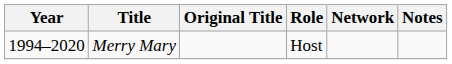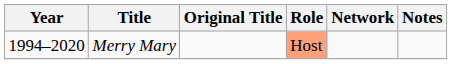 <table class="wikitable sortable">
 <tr>
 <th>Year</th>
 <th>Title</th>
 <th>Original Title</th>
 <th>Role</th>
 <th>Network</th>
 <th>Notes</th>
 </tr>
 <tr>
 <td>1994–2020</td>
 <td><em>Merry Mary</em></td>
 <td></td>
-<td>Host</td>
+<td style="background: lightsalmon;">Host</td>
 <td></td>
 <td></td>
 </tr>
 <tr>
 </tr>
 </table>
